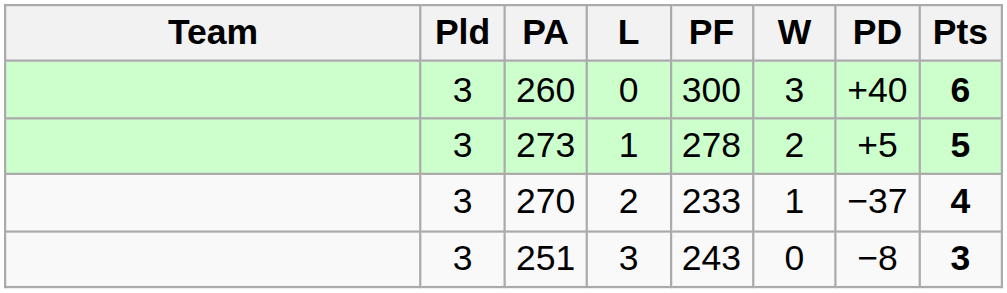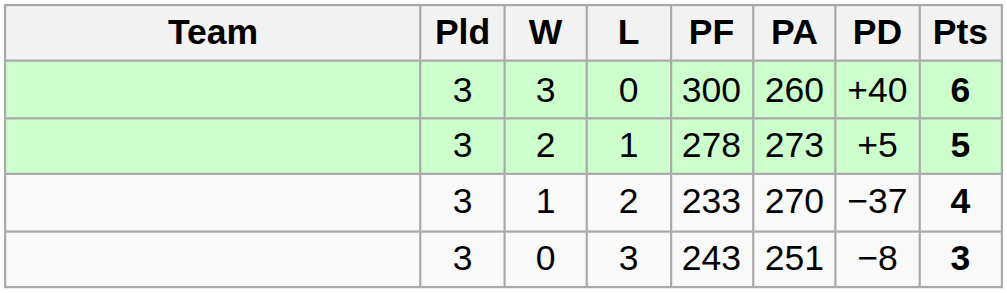 <table class="wikitable" style="text-align:center;">
 <tr>
 <th width=180>Team</th>
 <th width=30>Pld</th>
-<th width=30>PA</th>
+<th width=30>W</th>
 <th width=30>L</th>
 <th width=30>PF</th>
-<th width=30>W</th>
+<th width=30>PA</th>
 <th width=30>PD</th>
 <th width=30>Pts</th>
 </tr>
 <tr bgcolor="#ccffcc">
 <td align="left"></td>
 <td>3</td>
-<td>260</td>
+<td>3</td>
 <td>0</td>
 <td>300</td>
-<td>3</td>
+<td>260</td>
 <td>+40</td>
 <td><strong>6</strong></td>
 </tr>
 <tr bgcolor="#ccffcc">
 <td align="left"></td>
 <td>3</td>
-<td>273</td>
+<td>2</td>
 <td>1</td>
 <td>278</td>
-<td>2</td>
+<td>273</td>
 <td>+5</td>
 <td><strong>5</strong></td>
 </tr>
 <tr>
 <td align="left"></td>
 <td>3</td>
-<td>270</td>
+<td>1</td>
 <td>2</td>
 <td>233</td>
-<td>1</td>
+<td>270</td>
 <td>−37</td>
 <td><strong>4</strong></td>
 </tr>
 <tr>
 <td align="left"></td>
 <td>3</td>
-<td>251</td>
+<td>0</td>
 <td>3</td>
 <td>243</td>
-<td>0</td>
+<td>251</td>
 <td>−8</td>
 <td><strong>3</strong></td>
 </tr>
 </table>
